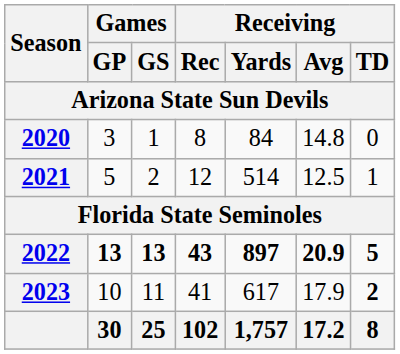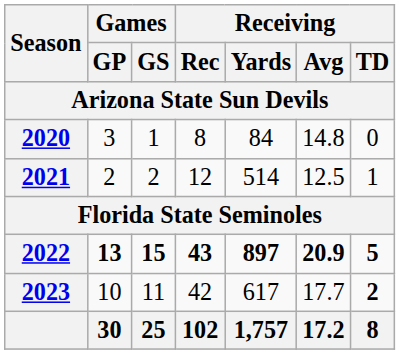 <table class="wikitable" style="text-align:center;">
 <tr>
 <th rowspan="2">Season</th>
 <th colspan="2">Games</th>
 <th colspan="4">Receiving</th>
 </tr>
 <tr>
 <th>GP</th>
 <th>GS</th>
 <th>Rec</th>
 <th>Yards</th>
 <th>Avg</th>
 <th>TD</th>
 </tr>
 <tr>
 <th colspan="16">Arizona State Sun Devils</th>
 </tr>
 <tr>
 <th><a href='#'>2020</a></th>
 <td>3</td>
 <td>1</td>
 <td>8</td>
 <td>84</td>
 <td>14.8</td>
 <td>0</td>
 </tr>
 <tr>
 <th><a href='#'>2021</a></th>
-<td>5</td>
+<td>2</td>
 <td>2</td>
 <td>12</td>
 <td>514</td>
 <td>12.5</td>
 <td>1</td>
 </tr>
 <tr>
 <th colspan="16">Florida State Seminoles</th>
 </tr>
 <tr>
 <th><a href='#'>2022</a></th>
 <td><strong>13</strong></td>
-<td><strong>13</strong></td>
+<td><strong>15</strong></td>
 <td><strong>43</strong></td>
 <td><strong>897</strong></td>
 <td><strong>20.9</strong></td>
 <td><strong>5</strong></td>
 </tr>
 <tr>
 <th><a href='#'>2023</a></th>
 <td>10</td>
 <td>11</td>
-<td>41</td>
+<td>42</td>
 <td>617</td>
-<td>17.9</td>
+<td>17.7</td>
 <td><strong>2</strong></td>
 </tr>
 <tr>
 <th></th>
 <th>30</th>
 <th>25</th>
 <th>102</th>
 <th>1,757</th>
 <th>17.2</th>
 <th>8</th>
 </tr>
 </table>
